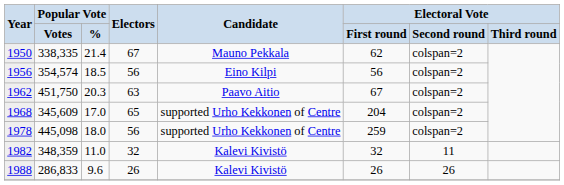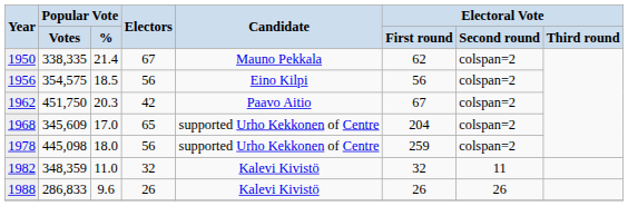 <table class="wikitable">
 <tr>
 <th align="center" style=background:#CCDDEE rowspan=2>Year</th>
 <th align="center" style=background:#CCDDEE colspan=2>Popular Vote</th>
 <th align="center" style=background:#CCDDEE rowspan=2>Electors</th>
 <th align="center" style=background:#CCDDEE rowspan=2>Candidate</th>
 <th align="center" style=background:#CCDDEE colspan=3>Electoral Vote</th>
 </tr>
 <tr>
 <th align="center" style=background:#CCDDEE>Votes</th>
 <th align="center" style=background:#CCDDEE>%</th>
 <th align="center" style=background:#CCDDEE>First round</th>
 <th align="center" style=background:#CCDDEE>Second round</th>
 <th align="center" style=background:#CCDDEE>Third round</th>
 </tr>
 <tr>
 <td align="center" style="background:#efefef;"><a href='#'>1950</a></td>
 <td align="center">338,335</td>
 <td align="center">21.4</td>
 <td align="center">67</td>
 <td align="center"><a href='#'>Mauno Pekkala</a></td>
 <td align="center">62</td>
 <td>colspan=2 </td>
 </tr>
 <tr>
 <td align="center" style="background:#efefef;"><a href='#'>1956</a></td>
-<td align="center">354,574</td>
+<td align="center">354,575</td>
 <td align="center">18.5</td>
 <td align="center">56</td>
 <td align="center"><a href='#'>Eino Kilpi</a></td>
 <td align="center">56</td>
 <td>colspan=2 </td>
 </tr>
 <tr>
 <td align="center" style="background:#efefef;"><a href='#'>1962</a></td>
 <td align="center">451,750</td>
 <td align="center">20.3</td>
-<td align="center">63</td>
+<td align="center">42</td>
 <td align="center"><a href='#'>Paavo Aitio</a></td>
 <td align="center">67</td>
 <td>colspan=2 </td>
 </tr>
 <tr>
 <td align="center" style="background:#efefef;"><a href='#'>1968</a></td>
 <td align="center">345,609</td>
 <td align="center">17.0</td>
 <td align="center">65</td>
 <td align="center">supported <a href='#'>Urho Kekkonen</a> of <a href='#'>Centre</a></td>
 <td align="center">204</td>
 <td>colspan=2 </td>
 </tr>
 <tr>
 <td align="center" style="background:#efefef;"><a href='#'>1978</a></td>
 <td align="center">445,098</td>
 <td align="center">18.0</td>
 <td align="center">56</td>
 <td align="center">supported <a href='#'>Urho Kekkonen</a> of <a href='#'>Centre</a></td>
 <td align="center">259</td>
 <td>colspan=2 </td>
 </tr>
 <tr>
 <td align="center" style="background:#efefef;"><a href='#'>1982</a></td>
 <td align="center">348,359</td>
 <td align="center">11.0</td>
 <td align="center">32</td>
 <td align="center"><a href='#'>Kalevi Kivistö</a></td>
 <td align="center">32</td>
 <td align="center">11</td>
 <td></td>
 </tr>
 <tr>
 <td align="center" style="background:#efefef;"><a href='#'>1988</a></td>
 <td align="center">286,833</td>
 <td align="center">9.6</td>
 <td align="center">26</td>
 <td align="center"><a href='#'>Kalevi Kivistö</a></td>
 <td align="center">26</td>
 <td align="center">26</td>
 <td></td>
 </tr>
 <tr>
 </tr>
 </table>
